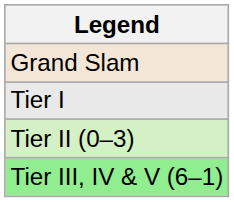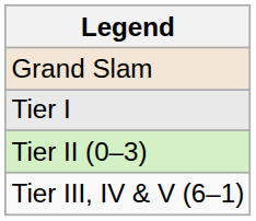 <table class=wikitable style="font-size:90%">
 <tr>
 <th>Legend</th>
 </tr>
 <tr>
 <td bgcolor=#f3e6d7>Grand Slam</td>
 </tr>
 <tr>
 <td bgcolor=#e9e9e9>Tier I</td>
 </tr>
 <tr>
 <td bgcolor=#d4f1c5>Tier II (0–3)</td>
 </tr>
 <tr>
-<td style="background: lightgreen;">Tier III, IV & V (6–1)</td>
+<td>Tier III, IV & V (6–1)</td>
 </tr>
 </table>
